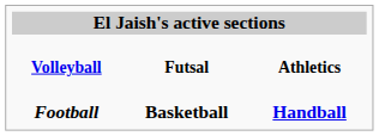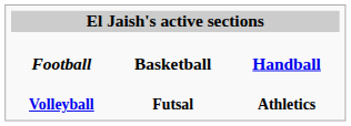 <table class="infobox" style="width: 20em; font-size: 95%em;align: center">
 <tr bgcolor="#cccccc" style="text-align: center">
 <th colspan="3">El Jaish's active sections</th>
+</tr>
+<tr style="text-align: center">
+<td><br><strong><em>Football</em></strong></td>
+<td><br><strong>Basketball</strong></td>
+<td><br><strong><a href='#'>Handball</a></strong></td>
 </tr>
 <tr style="font-size: 90%; text-align: center">
 <td><br><strong><a href='#'>Volleyball</a></strong></td>
 <td><br><strong>Futsal</strong></td>
 <td><br><strong>Athletics</strong></td>
 </tr>
-<tr style="text-align: center">
-<td><br><strong><em>Football</em></strong></td>
-<td><br><strong>Basketball</strong></td>
-<td><br><strong><a href='#'>Handball</a></strong></td>
-</tr>
 </table>
